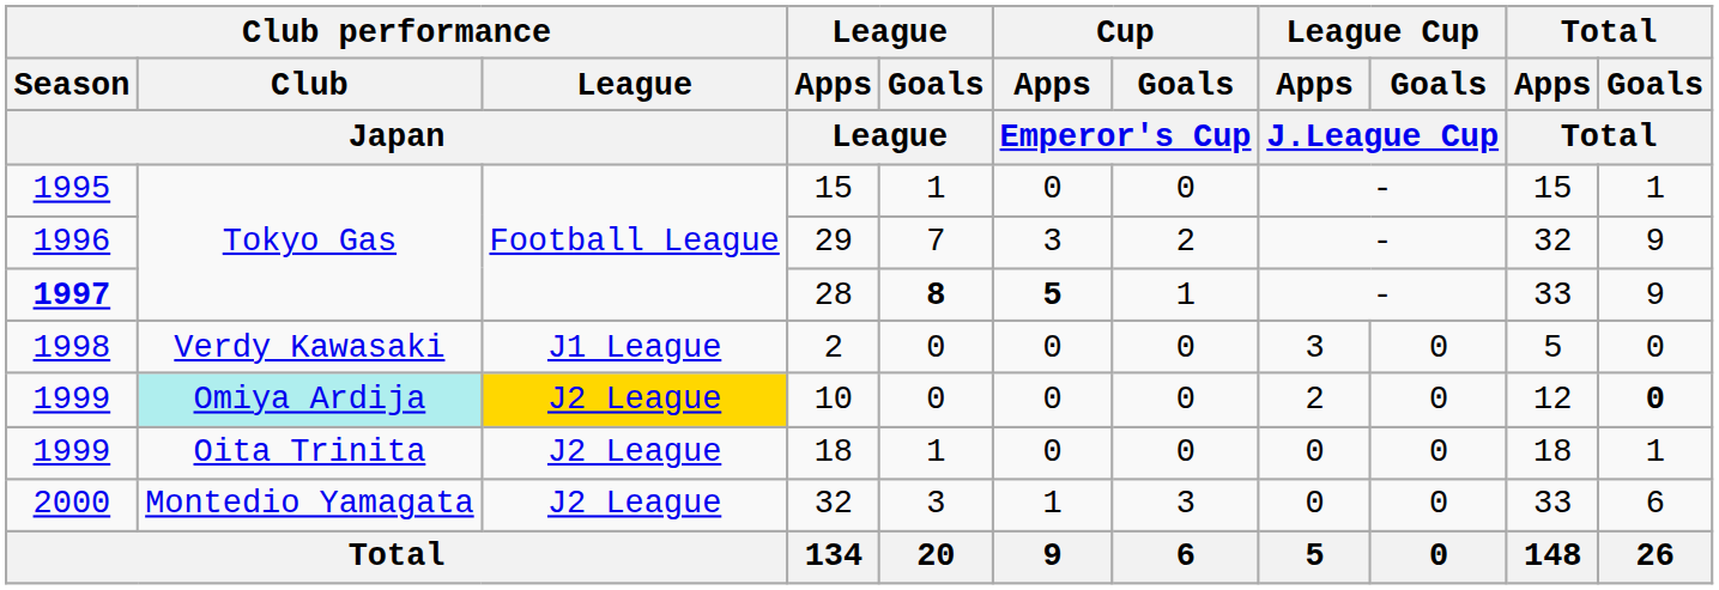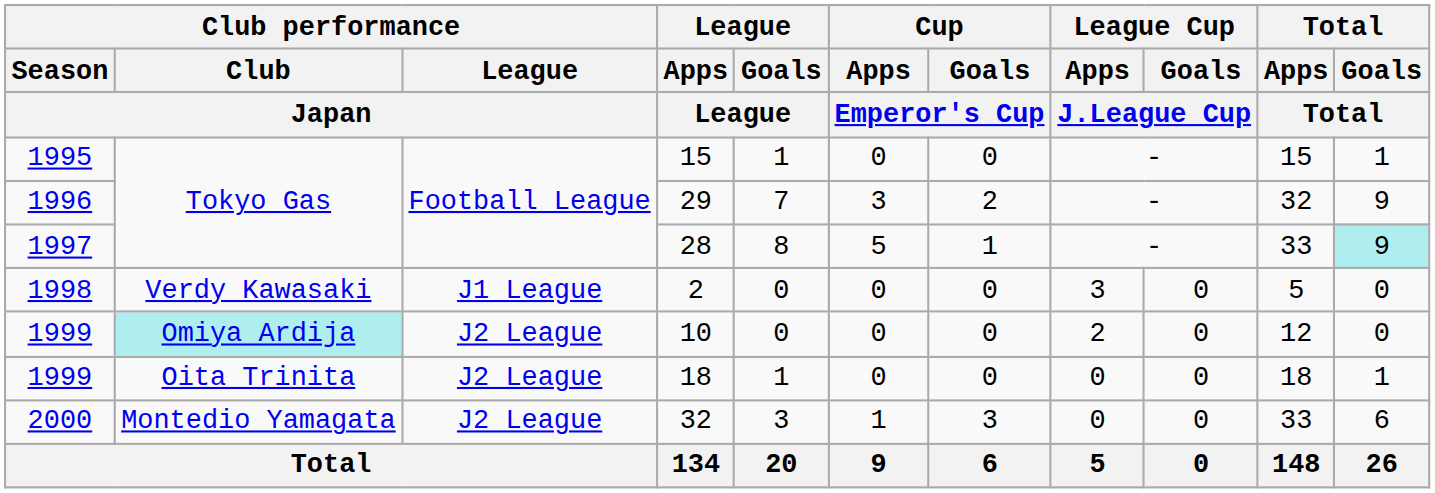 <table class="wikitable" style="text-align:center;">
 <tr>
 <th colspan=3>Club performance</th>
 <th colspan=2>League</th>
 <th colspan=2>Cup</th>
 <th colspan=2>League Cup</th>
 <th colspan=2>Total</th>
 </tr>
 <tr>
 <th>Season</th>
 <th>Club</th>
 <th>League</th>
 <th>Apps</th>
 <th>Goals</th>
 <th>Apps</th>
 <th>Goals</th>
 <th>Apps</th>
 <th>Goals</th>
 <th>Apps</th>
 <th>Goals</th>
 </tr>
 <tr>
 <th colspan=3>Japan</th>
 <th colspan=2>League</th>
 <th colspan=2><a href='#'>Emperor's Cup</a></th>
 <th colspan=2><a href='#'>J.League Cup</a></th>
 <th colspan=2>Total</th>
 </tr>
 <tr>
 <td><a href='#'>1995</a></td>
 <td rowspan="3"><a href='#'>Tokyo Gas</a></td>
 <td rowspan="3"><a href='#'>Football League</a></td>
 <td>15</td>
 <td>1</td>
 <td>0</td>
 <td>0</td>
 <td colspan="2">-</td>
 <td>15</td>
 <td>1</td>
 </tr>
 <tr>
 <td><a href='#'>1996</a></td>
 <td>29</td>
 <td>7</td>
 <td>3</td>
 <td>2</td>
 <td colspan="2">-</td>
 <td>32</td>
 <td>9</td>
 </tr>
 <tr>
-<td><strong><a href='#'>1997</a></strong></td>
+<td><a href='#'>1997</a></td>
 <td>28</td>
-<td><strong>8</strong></td>
-<td><strong>5</strong></td>
+<td>8</td>
+<td>5</td>
 <td>1</td>
 <td colspan="2">-</td>
 <td>33</td>
-<td>9</td>
+<td style="background: paleturquoise;">9</td>
 </tr>
 <tr>
 <td><a href='#'>1998</a></td>
 <td><a href='#'>Verdy Kawasaki</a></td>
 <td><a href='#'>J1 League</a></td>
 <td>2</td>
 <td>0</td>
 <td>0</td>
 <td>0</td>
 <td>3</td>
 <td>0</td>
 <td>5</td>
 <td>0</td>
 </tr>
 <tr>
 <td><a href='#'>1999</a></td>
 <td style="background: paleturquoise;"><a href='#'>Omiya Ardija</a></td>
-<td style="background: gold;"><a href='#'>J2 League</a></td>
+<td><a href='#'>J2 League</a></td>
 <td>10</td>
 <td>0</td>
 <td>0</td>
 <td>0</td>
 <td>2</td>
 <td>0</td>
 <td>12</td>
-<td><strong>0</strong></td>
+<td>0</td>
 </tr>
 <tr>
 <td><a href='#'>1999</a></td>
 <td><a href='#'>Oita Trinita</a></td>
 <td><a href='#'>J2 League</a></td>
 <td>18</td>
 <td>1</td>
 <td>0</td>
 <td>0</td>
 <td>0</td>
 <td>0</td>
 <td>18</td>
 <td>1</td>
 </tr>
 <tr>
 <td><a href='#'>2000</a></td>
 <td><a href='#'>Montedio Yamagata</a></td>
 <td><a href='#'>J2 League</a></td>
 <td>32</td>
 <td>3</td>
 <td>1</td>
 <td>3</td>
 <td>0</td>
 <td>0</td>
 <td>33</td>
 <td>6</td>
 </tr>
 <tr>
 <th colspan=3>Total</th>
 <th>134</th>
 <th>20</th>
 <th>9</th>
 <th>6</th>
 <th>5</th>
 <th>0</th>
 <th>148</th>
 <th>26</th>
 </tr>
 </table>
